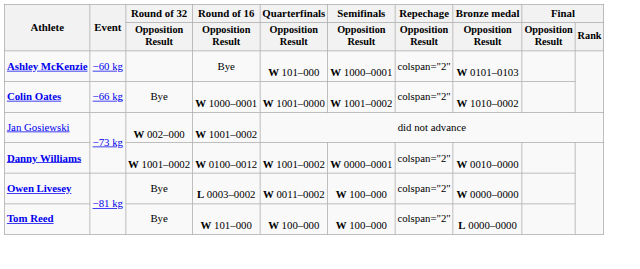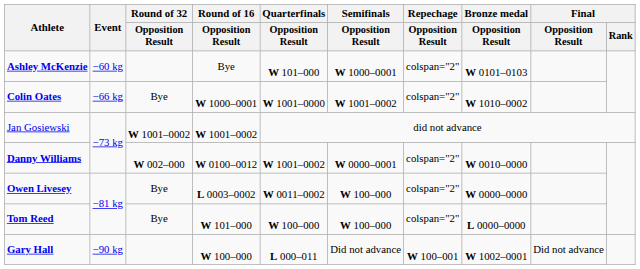 <table class="wikitable" style="font-size:90%;">
 <tr>
 <th rowspan=2>Athlete</th>
 <th rowspan=2>Event</th>
 <th>Round of 32</th>
 <th>Round of 16</th>
 <th>Quarterfinals</th>
 <th>Semifinals</th>
 <th>Repechage</th>
 <th>Bronze medal</th>
 <th colspan=2>Final</th>
 </tr>
 <tr style="font-size:95%">
 <th>Opposition<br>Result</th>
 <th>Opposition<br>Result</th>
 <th>Opposition<br>Result</th>
 <th>Opposition<br>Result</th>
 <th>Opposition<br>Result</th>
 <th>Opposition<br>Result</th>
 <th>Opposition<br>Result</th>
 <th>Rank</th>
 </tr>
 <tr align=center>
 <td align=left><strong><a href='#'>Ashley McKenzie</a></strong></td>
 <td align=left><a href='#'>−60 kg</a></td>
 <td></td>
 <td>Bye</td>
 <td><br><strong>W</strong> 101–000</td>
 <td><br><strong>W</strong> 1000–0001</td>
 <td>colspan="2" </td>
 <td><br><strong>W</strong> 0101–0103</td>
 <td></td>
 </tr>
 <tr align=center>
 <td align=left><strong><a href='#'>Colin Oates</a></strong></td>
 <td align=left><a href='#'>−66 kg</a></td>
 <td>Bye</td>
 <td><br><strong>W</strong> 1000–0001</td>
 <td><br><strong>W</strong> 1001–0000</td>
 <td><br><strong>W</strong> 1001–0002</td>
 <td>colspan="2" </td>
 <td><br><strong>W</strong> 1010–0002</td>
 <td></td>
 </tr>
 <tr align=center>
 <td align=left><a href='#'>Jan Gosiewski</a></td>
 <td style="text-align:left;" rowspan="2"><a href='#'>−73 kg</a></td>
-<td><br><strong>W</strong> 002–000</td>
+<td><br><strong>W</strong> 1001–0002</td>
 <td><br><strong>W</strong> 1001–0002</td>
 <td colspan="6">did not advance</td>
 </tr>
 <tr align=center>
 <td align=left><strong><a href='#'>Danny Williams</a></strong></td>
-<td><br><strong>W</strong> 1001–0002</td>
+<td><br><strong>W</strong> 002–000</td>
 <td><br><strong>W</strong> 0100–0012</td>
 <td><br><strong>W</strong> 1001–0002</td>
 <td><br><strong>W</strong> 0000–0001</td>
 <td>colspan="2" </td>
 <td><br><strong>W</strong> 0010–0000</td>
 <td></td>
 </tr>
 <tr align=center>
 <td align=left><strong><a href='#'>Owen Livesey</a></strong></td>
 <td style="text-align:left;" rowspan="2"><a href='#'>−81 kg</a></td>
 <td>Bye</td>
 <td><br><strong>L</strong> 0003–0002</td>
 <td><br><strong>W</strong> 0011–0002</td>
 <td><br><strong>W</strong> 100–000</td>
 <td>colspan="2" </td>
 <td><br><strong>W</strong> 0000–0000</td>
 <td></td>
 </tr>
 <tr align=center>
 <td align=left><strong><a href='#'>Tom Reed</a></strong></td>
 <td>Bye</td>
 <td><br><strong>W</strong> 101–000</td>
 <td><br><strong>W</strong> 100–000</td>
 <td><br><strong>W</strong> 100–000</td>
 <td>colspan="2" </td>
 <td><br><strong>L</strong> 0000–0000</td>
 <td></td>
 </tr>
+<tr align=center>
+<td align=left><strong><a href='#'>Gary Hall</a></strong></td>
+<td align=left><a href='#'>−90 kg</a></td>
+<td></td>
+<td><br><strong>W</strong> 100–000</td>
+<td><br><strong>L</strong> 000–011</td>
+<td>Did not advance</td>
+<td><br><strong>W</strong> 100–001</td>
+<td><br><strong>W</strong> 1002–0001</td>
+<td>Did not advance</td>
+<td></td>
+</tr>
 </table>
